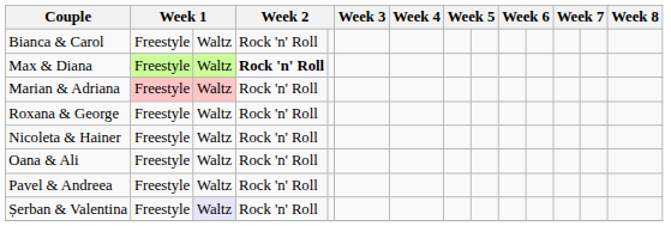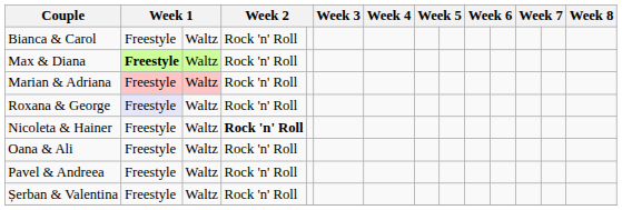 <table class="wikitable" style="text-align:left;">
 <tr>
 <th>Couple</th>
 <th colspan=2>Week 1</th>
 <th colspan=2>Week 2</th>
 <th>Week 3</th>
 <th>Week 4</th>
 <th colspan=2>Week 5</th>
 <th colspan=2>Week 6</th>
 <th colspan=2>Week 7</th>
 <th colspan=2>Week 8</th>
 </tr>
 <tr>
 <td>Bianca & Carol</td>
 <td>Freestyle</td>
 <td>Waltz</td>
 <td>Rock 'n' Roll</td>
 <td></td>
 <td></td>
 <td></td>
 <td></td>
 <td></td>
 <td></td>
 <td></td>
 <td></td>
 <td></td>
 <td></td>
 </tr>
 <tr>
 <td>Max & Diana</td>
-<td bgcolor="#CCFF99">Freestyle</td>
+<td bgcolor="#CCFF99"><strong>Freestyle</strong></td>
 <td bgcolor="#CCFF99">Waltz</td>
-<td><strong>Rock 'n' Roll</strong></td>
+<td>Rock 'n' Roll</td>
 <td></td>
 <td></td>
 <td></td>
 <td></td>
 <td></td>
 <td></td>
 <td></td>
 <td></td>
 <td></td>
 <td></td>
 </tr>
 <tr>
 <td>Marian & Adriana</td>
 <td bgcolor="#FFC5C5">Freestyle</td>
 <td bgcolor="#FFC5C5">Waltz</td>
 <td>Rock 'n' Roll</td>
 <td></td>
 <td></td>
 <td></td>
 <td></td>
 <td></td>
 <td></td>
 <td></td>
 <td></td>
 <td></td>
 <td></td>
 </tr>
 <tr>
 <td>Roxana & George</td>
-<td>Freestyle</td>
+<td style="background: lavender;">Freestyle</td>
 <td>Waltz</td>
 <td>Rock 'n' Roll</td>
 <td></td>
 <td></td>
 <td></td>
 <td></td>
 <td></td>
 <td></td>
 <td></td>
 <td></td>
 <td></td>
 <td></td>
 </tr>
 <tr>
 <td>Nicoleta & Hainer</td>
 <td>Freestyle</td>
 <td>Waltz</td>
-<td>Rock 'n' Roll</td>
+<td><strong>Rock 'n' Roll</strong></td>
 <td></td>
 <td></td>
 <td></td>
 <td></td>
 <td></td>
 <td></td>
 <td></td>
 <td></td>
 <td></td>
 <td></td>
 </tr>
 <tr>
 <td>Oana & Ali</td>
 <td>Freestyle</td>
 <td>Waltz</td>
 <td>Rock 'n' Roll</td>
 <td></td>
 <td></td>
 <td></td>
 <td></td>
 <td></td>
 <td></td>
 <td></td>
 <td></td>
 <td></td>
 <td></td>
 </tr>
 <tr>
 <td>Pavel & Andreea</td>
 <td>Freestyle</td>
 <td>Waltz</td>
 <td>Rock 'n' Roll</td>
 <td></td>
 <td></td>
 <td></td>
 <td></td>
 <td></td>
 <td></td>
 <td></td>
 <td></td>
 <td></td>
 <td></td>
 </tr>
 <tr>
 <td>Șerban & Valentina</td>
 <td>Freestyle</td>
-<td style="background: lavender;">Waltz</td>
+<td>Waltz</td>
 <td>Rock 'n' Roll</td>
 <td></td>
 <td></td>
 <td></td>
 <td></td>
 <td></td>
 <td></td>
 <td></td>
 <td></td>
 <td></td>
 <td></td>
 </tr>
 <tr>
 </tr>
 </table>
